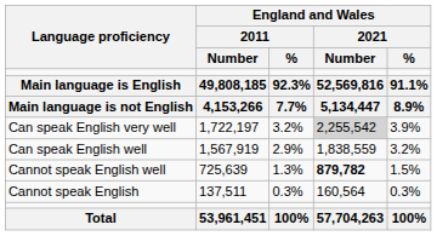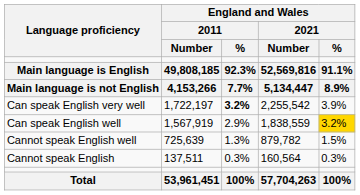 <table class="wikitable">
 <tr>
 <th rowspan="3">Language proficiency</th>
 <th colspan="4">England and Wales</th>
 </tr>
 <tr>
 <th colspan="2">2011</th>
 <th colspan="2">2021</th>
 </tr>
 <tr>
 <th>Number</th>
 <th>%</th>
 <th>Number</th>
 <th>%</th>
 </tr>
 <tr>
 <td></td>
 <td></td>
 <td></td>
 <td></td>
 <td></td>
 </tr>
 <tr>
 <th>Main language is English</th>
 <th>49,808,185</th>
 <th>92.3%</th>
 <th>52,569,816</th>
 <th>91.1%</th>
 </tr>
 <tr>
 <th>Main language is not English</th>
 <th>4,153,266</th>
 <th>7.7%</th>
 <th>5,134,447</th>
 <th>8.9%</th>
 </tr>
 <tr>
 <td>Can speak English very well</td>
 <td>1,722,197</td>
-<td>3.2%</td>
-<td style="background: lightgrey;">2,255,542</td>
+<td><strong>3.2%</strong></td>
+<td>2,255,542</td>
 <td>3.9%</td>
 </tr>
 <tr>
 <td>Can speak English well</td>
 <td>1,567,919</td>
 <td>2.9%</td>
 <td>1,838,559</td>
-<td>3.2%</td>
+<td style="background: gold;">3.2%</td>
 </tr>
 <tr>
 <td>Cannot speak English well</td>
 <td>725,639</td>
 <td>1.3%</td>
-<td><strong>879,782</strong></td>
+<td>879,782</td>
 <td>1.5%</td>
 </tr>
 <tr>
 <td>Cannot speak English</td>
 <td>137,511</td>
 <td>0.3%</td>
 <td>160,564</td>
 <td>0.3%</td>
 </tr>
 <tr>
 <td></td>
 <td></td>
 <td></td>
 <td></td>
 <td></td>
 </tr>
 <tr>
 <th>Total</th>
 <th>53,961,451</th>
 <th>100%</th>
 <th>57,704,263</th>
 <th>100%</th>
 </tr>
 </table>
